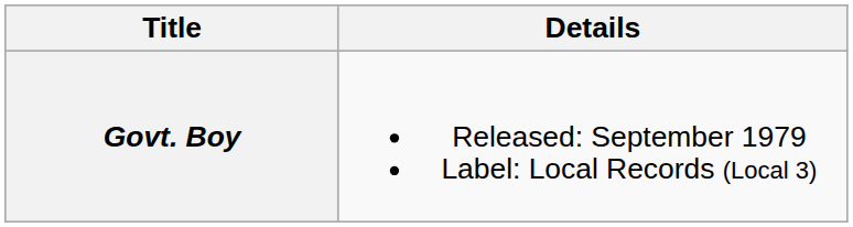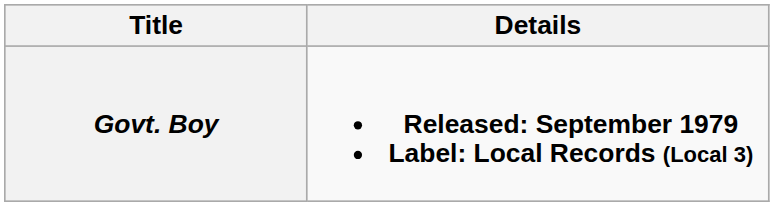 <table class="wikitable plainrowheaders" style="text-align:center;" border="1">
 <tr>
 <th scope="col" style="width:11em;">Title</th>
 <th scope="col" style="width:17em;">Details</th>
 </tr>
 <tr>
 <th scope="row"><em>Govt. Boy</em></th>
-<td><br><ul><li>Released: September 1979</li><li>Label: Local Records <small>(Local 3)</small></li></ul></td>
+<td><strong><br><ul><li>Released: September 1979</li><li>Label: Local Records <small>(Local 3)</small></li></ul></strong></td>
 </tr>
 </table>
